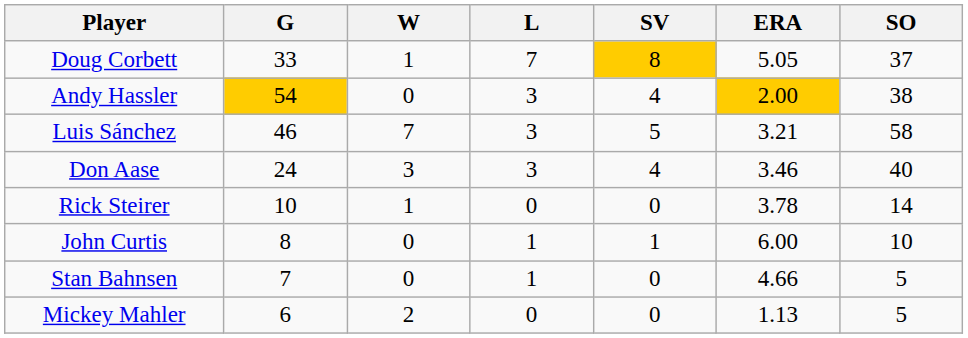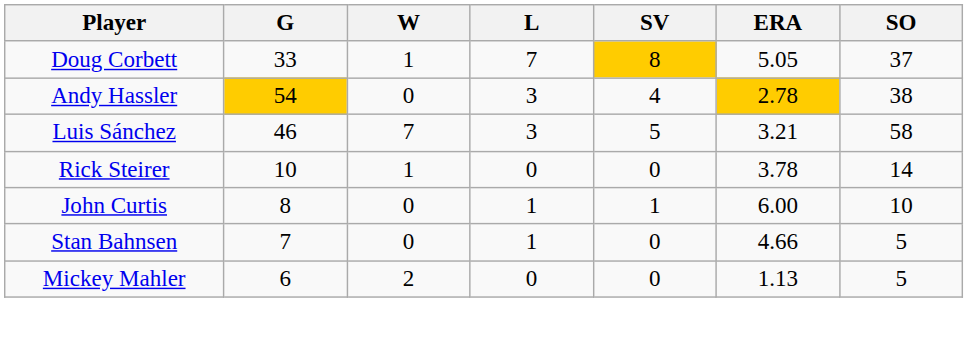 <table class="wikitable sortable">
 <tr>
 <th bgcolor="#DDDDFF" width="16%">Player</th>
 <th bgcolor="#DDDDFF" width="9%">G</th>
 <th bgcolor="#DDDDFF" width="9%">W</th>
 <th bgcolor="#DDDDFF" width="9%">L</th>
 <th bgcolor="#DDDDFF" width="9%">SV</th>
 <th bgcolor="#DDDDFF" width="9%">ERA</th>
 <th bgcolor="#DDDDFF" width="9%">SO</th>
 </tr>
 <tr align="center">
 <td><a href='#'>Doug Corbett</a></td>
 <td>33</td>
 <td>1</td>
 <td>7</td>
 <td style="background:#fc0;">8</td>
 <td>5.05</td>
 <td>37</td>
 </tr>
 <tr align=center>
 <td><a href='#'>Andy Hassler</a></td>
 <td style="background:#fc0;">54</td>
 <td>0</td>
 <td>3</td>
 <td>4</td>
-<td style="background:#fc0;">2.00</td>
+<td style="background:#fc0;">2.78</td>
 <td>38</td>
 </tr>
 <tr align="center">
 <td><a href='#'>Luis Sánchez</a></td>
 <td>46</td>
 <td>7</td>
 <td>3</td>
 <td>5</td>
 <td>3.21</td>
 <td>58</td>
-</tr>
-<tr align="center">
-<td><a href='#'>Don Aase</a></td>
-<td>24</td>
-<td>3</td>
-<td>3</td>
-<td>4</td>
-<td>3.46</td>
-<td>40</td>
 </tr>
 <tr align="center">
 <td><a href='#'>Rick Steirer</a></td>
 <td>10</td>
 <td>1</td>
 <td>0</td>
 <td>0</td>
 <td>3.78</td>
 <td>14</td>
 </tr>
 <tr align="center">
 <td><a href='#'>John Curtis</a></td>
 <td>8</td>
 <td>0</td>
 <td>1</td>
 <td>1</td>
 <td>6.00</td>
 <td>10</td>
 </tr>
 <tr align="center">
 <td><a href='#'>Stan Bahnsen</a></td>
 <td>7</td>
 <td>0</td>
 <td>1</td>
 <td>0</td>
 <td>4.66</td>
 <td>5</td>
 </tr>
 <tr align="center">
 <td><a href='#'>Mickey Mahler</a></td>
 <td>6</td>
 <td>2</td>
 <td>0</td>
 <td>0</td>
 <td>1.13</td>
 <td>5</td>
 </tr>
 </table>
